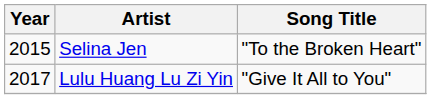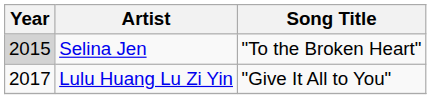 <table class="wikitable sortable">
 <tr>
 <th>Year</th>
 <th>Artist</th>
 <th>Song Title</th>
 </tr>
 <tr>
-<td>2015</td>
+<td style="background: lightgrey;">2015</td>
 <td><a href='#'>Selina Jen</a></td>
 <td>"To the Broken Heart"</td>
 </tr>
 <tr>
 <td>2017</td>
 <td><a href='#'>Lulu Huang Lu Zi Yin</a></td>
 <td>"Give It All to You"</td>
 </tr>
 <tr>
 </tr>
 </table>
